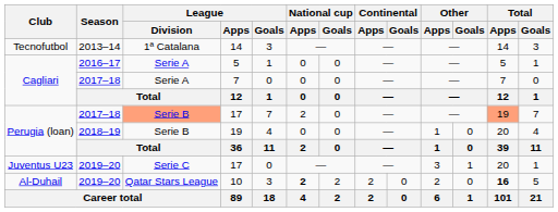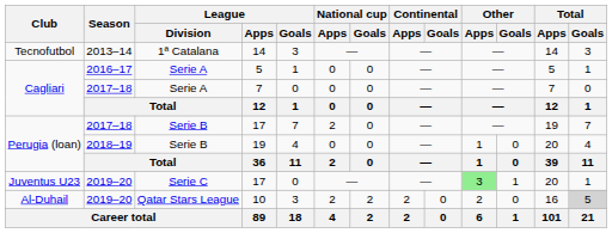 <table class="wikitable" style="text-align: center;">
 <tr>
 <th rowspan="2">Club</th>
 <th rowspan="2">Season</th>
 <th colspan="3">League</th>
 <th colspan="2">National cup</th>
 <th colspan="2">Continental</th>
 <th colspan="2">Other</th>
 <th colspan="2">Total</th>
 </tr>
 <tr>
 <th>Division</th>
 <th>Apps</th>
 <th>Goals</th>
 <th>Apps</th>
 <th>Goals</th>
 <th>Apps</th>
 <th>Goals</th>
 <th>Apps</th>
 <th>Goals</th>
 <th>Apps</th>
 <th>Goals</th>
 </tr>
 <tr>
 <td>Tecnofutbol</td>
 <td>2013–14</td>
 <td>1ª Catalana</td>
 <td>14</td>
 <td>3</td>
 <td colspan="2">—</td>
 <td colspan="2">—</td>
 <td colspan="2">—</td>
 <td>14</td>
 <td>3</td>
 </tr>
 <tr>
 <td rowspan="3"><a href='#'>Cagliari</a></td>
 <td><a href='#'>2016–17</a></td>
 <td><a href='#'>Serie A</a></td>
 <td>5</td>
 <td>1</td>
 <td>0</td>
 <td>0</td>
 <td colspan=2>—</td>
 <td colspan="2">—</td>
 <td>5</td>
 <td>1</td>
 </tr>
 <tr>
 <td><a href='#'>2017–18</a></td>
 <td>Serie A</td>
 <td>7</td>
 <td>0</td>
 <td>0</td>
 <td>0</td>
 <td colspan="2">—</td>
 <td colspan="2">—</td>
 <td>7</td>
 <td>0</td>
 </tr>
 <tr>
 <th colspan="2">Total</th>
 <th>12</th>
 <th>1</th>
 <th>0</th>
 <th>0</th>
 <th colspan="2">—</th>
 <th colspan="2">—</th>
 <th>12</th>
 <th>1</th>
 </tr>
 <tr>
 <td rowspan="3"><a href='#'>Perugia</a> (loan)</td>
 <td><a href='#'>2017–18</a></td>
-<td style="background: lightsalmon;"><a href='#'>Serie B</a></td>
+<td><a href='#'>Serie B</a></td>
 <td>17</td>
 <td>7</td>
 <td>2</td>
 <td>0</td>
 <td colspan=2>—</td>
 <td colspan="2">—</td>
-<td style="background: lightsalmon;">19</td>
+<td>19</td>
 <td>7</td>
 </tr>
 <tr>
 <td><a href='#'>2018–19</a></td>
 <td>Serie B</td>
 <td>19</td>
 <td>4</td>
 <td>0</td>
 <td>0</td>
 <td colspan=2>—</td>
 <td>1</td>
 <td>0</td>
 <td>20</td>
 <td>4</td>
 </tr>
 <tr>
 <th colspan="2">Total</th>
 <th>36</th>
 <th>11</th>
 <th>2</th>
 <th>0</th>
 <th colspan=2>—</th>
 <th>1</th>
 <th>0</th>
 <th>39</th>
 <th>11</th>
 </tr>
 <tr>
 <td><a href='#'>Juventus U23</a></td>
 <td><a href='#'>2019–20</a></td>
 <td><a href='#'>Serie C</a></td>
 <td>17</td>
 <td>0</td>
 <td colspan="2">—</td>
 <td colspan="2">—</td>
-<td>3</td>
+<td style="background: lightgreen;">3</td>
 <td>1</td>
 <td>20</td>
 <td>1</td>
 </tr>
 <tr>
 <td><a href='#'>Al-Duhail</a></td>
 <td><a href='#'>2019–20</a></td>
 <td><a href='#'>Qatar Stars League</a></td>
 <td>10</td>
 <td>3</td>
-<td><strong>2</strong></td>
+<td>2</td>
 <td>2</td>
 <td>2</td>
 <td>0</td>
 <td>2</td>
 <td>0</td>
-<td><strong>16</strong></td>
-<td>5</td>
+<td>16</td>
+<td style="background: lightgrey;">5</td>
 </tr>
 <tr>
 <th colspan="3">Career total</th>
 <th>89</th>
 <th>18</th>
 <th>4</th>
 <th>2</th>
 <th>2</th>
 <th>0</th>
 <th>6</th>
 <th>1</th>
 <th>101</th>
 <th>21</th>
 </tr>
 </table>
